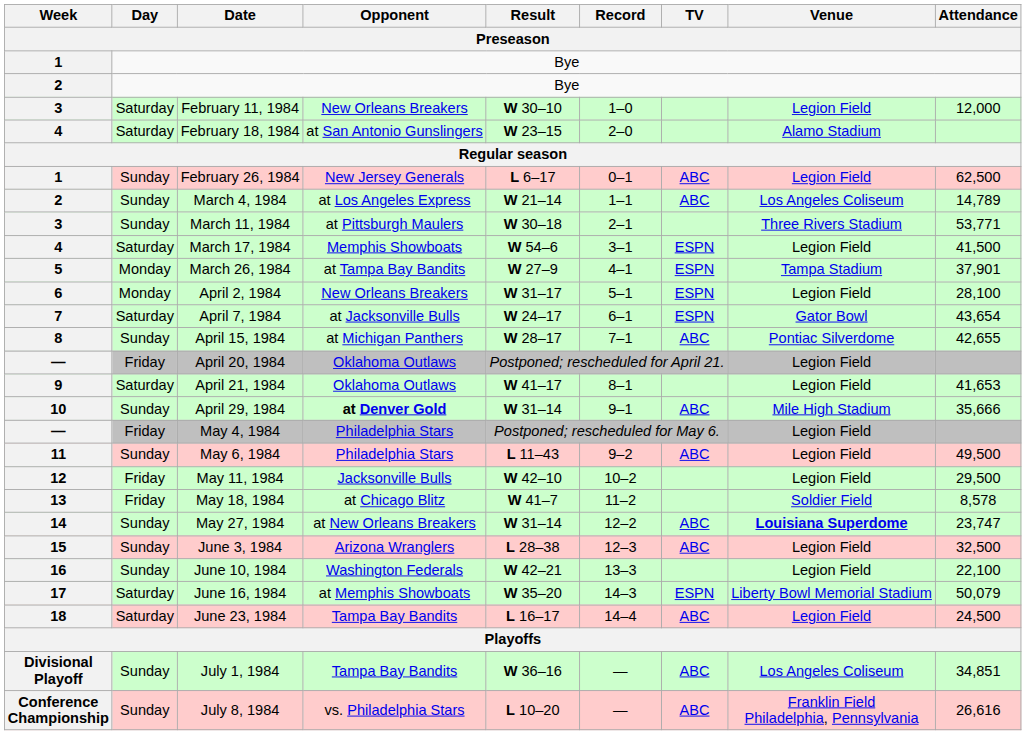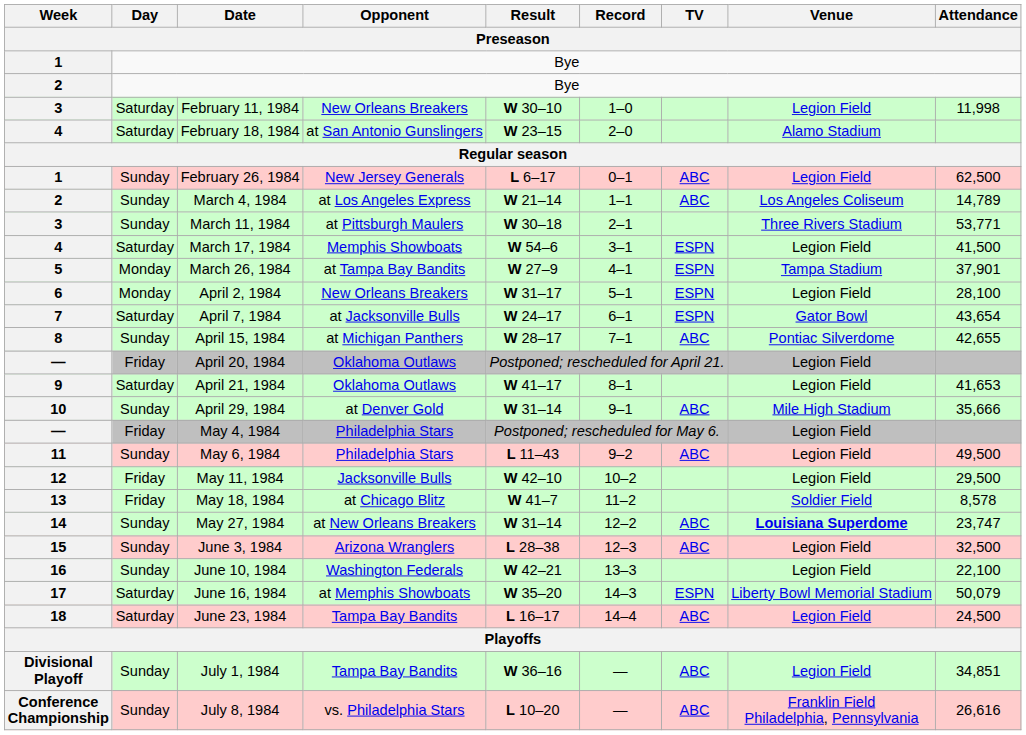 <table class="wikitable" style="text-align:center">
 <tr>
 <th>Week</th>
 <th>Day</th>
 <th>Date</th>
 <th>Opponent</th>
 <th>Result</th>
 <th>Record</th>
 <th>TV</th>
 <th>Venue</th>
 <th>Attendance</th>
 </tr>
 <tr>
 <th colspan="9">Preseason</th>
 </tr>
 <tr>
 <th>1</th>
 <td colspan=8>Bye</td>
 </tr>
 <tr>
 <th>2</th>
 <td colspan=8>Bye</td>
 </tr>
 <tr style="background:#cfc">
 <th>3</th>
 <td>Saturday</td>
 <td>February 11, 1984</td>
 <td><a href='#'>New Orleans Breakers</a></td>
 <td><strong>W</strong> 30–10</td>
 <td>1–0</td>
 <td></td>
 <td><a href='#'>Legion Field</a></td>
-<td>12,000</td>
+<td>11,998</td>
 </tr>
 <tr style="background:#cfc">
 <th>4</th>
 <td>Saturday</td>
 <td>February 18, 1984</td>
 <td>at <a href='#'>San Antonio Gunslingers</a></td>
 <td><strong>W</strong> 23–15</td>
 <td>2–0</td>
 <td></td>
 <td><a href='#'>Alamo Stadium</a></td>
 <td></td>
 </tr>
 <tr>
 <th colspan="9">Regular season</th>
 </tr>
 <tr style="background:#fcc">
 <th>1</th>
 <td>Sunday</td>
 <td>February 26, 1984</td>
 <td><a href='#'>New Jersey Generals</a></td>
 <td><strong>L</strong> 6–17</td>
 <td>0–1</td>
 <td><a href='#'>ABC</a></td>
 <td><a href='#'>Legion Field</a></td>
 <td>62,500</td>
 </tr>
 <tr style="background:#cfc">
 <th>2</th>
 <td>Sunday</td>
 <td>March 4, 1984</td>
 <td>at <a href='#'>Los Angeles Express</a></td>
 <td><strong>W</strong> 21–14</td>
 <td>1–1</td>
 <td><a href='#'>ABC</a></td>
 <td><a href='#'>Los Angeles Coliseum</a></td>
 <td>14,789</td>
 </tr>
 <tr style="background:#cfc">
 <th>3</th>
 <td>Sunday</td>
 <td>March 11, 1984</td>
 <td>at <a href='#'>Pittsburgh Maulers</a></td>
 <td><strong>W</strong> 30–18</td>
 <td>2–1</td>
 <td></td>
 <td><a href='#'>Three Rivers Stadium</a></td>
 <td>53,771</td>
 </tr>
 <tr style="background:#cfc">
 <th>4</th>
 <td>Saturday</td>
 <td>March 17, 1984</td>
 <td><a href='#'>Memphis Showboats</a></td>
 <td><strong>W</strong> 54–6</td>
 <td>3–1</td>
 <td><a href='#'>ESPN</a></td>
 <td>Legion Field</td>
 <td>41,500</td>
 </tr>
 <tr style="background:#cfc">
 <th>5</th>
 <td>Monday</td>
 <td>March 26, 1984</td>
 <td>at <a href='#'>Tampa Bay Bandits</a></td>
 <td><strong>W</strong> 27–9</td>
 <td>4–1</td>
 <td><a href='#'>ESPN</a></td>
 <td><a href='#'>Tampa Stadium</a></td>
 <td>37,901</td>
 </tr>
 <tr style="background:#cfc">
 <th>6</th>
 <td>Monday</td>
 <td>April 2, 1984</td>
 <td><a href='#'>New Orleans Breakers</a></td>
 <td><strong>W</strong> 31–17</td>
 <td>5–1</td>
 <td><a href='#'>ESPN</a></td>
 <td>Legion Field</td>
 <td>28,100</td>
 </tr>
 <tr style="background:#cfc">
 <th>7</th>
 <td>Saturday</td>
 <td>April 7, 1984</td>
 <td>at <a href='#'>Jacksonville Bulls</a></td>
 <td><strong>W</strong> 24–17</td>
 <td>6–1</td>
 <td><a href='#'>ESPN</a></td>
 <td><a href='#'>Gator Bowl</a></td>
 <td>43,654</td>
 </tr>
 <tr style="background:#cfc">
 <th>8</th>
 <td>Sunday</td>
 <td>April 15, 1984</td>
 <td>at <a href='#'>Michigan Panthers</a></td>
 <td><strong>W</strong> 28–17</td>
 <td>7–1</td>
 <td><a href='#'>ABC</a></td>
 <td><a href='#'>Pontiac Silverdome</a></td>
 <td>42,655</td>
 </tr>
 <tr style="text-align:center; background:#BFBFBF;">
 <th>—</th>
 <td>Friday</td>
 <td>April 20, 1984</td>
 <td><a href='#'>Oklahoma Outlaws</a></td>
 <td colspan=3><em>Postponed; rescheduled for April 21.</em></td>
 <td>Legion Field</td>
 <td></td>
 </tr>
 <tr style="background:#cfc">
 <th>9</th>
 <td>Saturday</td>
 <td>April 21, 1984</td>
 <td><a href='#'>Oklahoma Outlaws</a></td>
 <td><strong>W</strong> 41–17</td>
 <td>8–1</td>
 <td></td>
 <td>Legion Field</td>
 <td>41,653</td>
 </tr>
 <tr style="background:#cfc">
 <th>10</th>
 <td>Sunday</td>
 <td>April 29, 1984</td>
-<td><strong>at <a href='#'>Denver Gold</a></strong></td>
+<td>at <a href='#'>Denver Gold</a></td>
 <td><strong>W</strong> 31–14</td>
 <td>9–1</td>
 <td><a href='#'>ABC</a></td>
 <td><a href='#'>Mile High Stadium</a></td>
 <td>35,666</td>
 </tr>
 <tr style="text-align:center; background:#BFBFBF;">
 <th>—</th>
 <td>Friday</td>
 <td>May 4, 1984</td>
 <td><a href='#'>Philadelphia Stars</a></td>
 <td colspan=3><em>Postponed; rescheduled for May 6.</em></td>
 <td>Legion Field</td>
 <td></td>
 </tr>
 <tr style="background:#fcc">
 <th>11</th>
 <td>Sunday</td>
 <td>May 6, 1984</td>
 <td><a href='#'>Philadelphia Stars</a></td>
 <td><strong>L</strong> 11–43</td>
 <td>9–2</td>
 <td><a href='#'>ABC</a></td>
 <td>Legion Field</td>
 <td>49,500</td>
 </tr>
 <tr style="background:#cfc">
 <th>12</th>
 <td>Friday</td>
 <td>May 11, 1984</td>
 <td><a href='#'>Jacksonville Bulls</a></td>
 <td><strong>W</strong> 42–10</td>
 <td>10–2</td>
 <td></td>
 <td>Legion Field</td>
 <td>29,500</td>
 </tr>
 <tr style="background:#cfc">
 <th>13</th>
 <td>Friday</td>
 <td>May 18, 1984</td>
 <td>at <a href='#'>Chicago Blitz</a></td>
 <td><strong>W</strong> 41–7</td>
 <td>11–2</td>
 <td></td>
 <td><a href='#'>Soldier Field</a></td>
 <td>8,578</td>
 </tr>
 <tr style="background:#cfc">
 <th>14</th>
 <td>Sunday</td>
 <td>May 27, 1984</td>
 <td>at <a href='#'>New Orleans Breakers</a></td>
 <td><strong>W</strong> 31–14</td>
 <td>12–2</td>
 <td><a href='#'>ABC</a></td>
 <td><strong><a href='#'>Louisiana Superdome</a></strong></td>
 <td>23,747</td>
 </tr>
 <tr style="background:#fcc">
 <th>15</th>
 <td>Sunday</td>
 <td>June 3, 1984</td>
 <td><a href='#'>Arizona Wranglers</a></td>
 <td><strong>L</strong> 28–38</td>
 <td>12–3</td>
 <td><a href='#'>ABC</a></td>
 <td>Legion Field</td>
 <td>32,500</td>
 </tr>
 <tr style="background:#cfc">
 <th>16</th>
 <td>Sunday</td>
 <td>June 10, 1984</td>
 <td><a href='#'>Washington Federals</a></td>
 <td><strong>W</strong> 42–21</td>
 <td>13–3</td>
 <td></td>
 <td>Legion Field</td>
 <td>22,100</td>
 </tr>
 <tr style="background:#cfc">
 <th>17</th>
 <td>Saturday</td>
 <td>June 16, 1984</td>
 <td>at <a href='#'>Memphis Showboats</a></td>
 <td><strong>W</strong> 35–20</td>
 <td>14–3</td>
 <td><a href='#'>ESPN</a></td>
 <td><a href='#'>Liberty Bowl Memorial Stadium</a></td>
 <td>50,079</td>
 </tr>
 <tr style="background:#fcc">
 <th>18</th>
 <td>Saturday</td>
 <td>June 23, 1984</td>
 <td><a href='#'>Tampa Bay Bandits</a></td>
 <td><strong>L</strong> 16–17</td>
 <td>14–4</td>
 <td><a href='#'>ABC</a></td>
 <td><a href='#'>Legion Field</a></td>
 <td>24,500</td>
 </tr>
 <tr>
 <th colspan="9">Playoffs</th>
 </tr>
 <tr style="background:#cfc">
 <th>Divisional<br>Playoff</th>
 <td>Sunday</td>
 <td>July 1, 1984</td>
 <td><a href='#'>Tampa Bay Bandits</a></td>
 <td><strong>W</strong> 36–16</td>
 <td>—</td>
 <td><a href='#'>ABC</a></td>
-<td><a href='#'>Los Angeles Coliseum</a></td>
+<td><a href='#'>Legion Field</a></td>
 <td>34,851</td>
 </tr>
 <tr style="background:#fcc">
 <th>Conference<br>Championship</th>
 <td>Sunday</td>
 <td>July 8, 1984</td>
 <td>vs. <a href='#'>Philadelphia Stars</a></td>
 <td><strong>L</strong> 10–20</td>
 <td>—</td>
 <td><a href='#'>ABC</a></td>
 <td><a href='#'>Franklin Field</a><br><a href='#'>Philadelphia</a>, <a href='#'>Pennsylvania</a></td>
 <td>26,616</td>
 </tr>
 </table>
